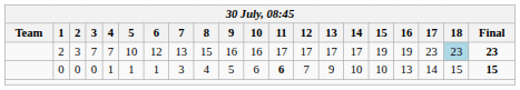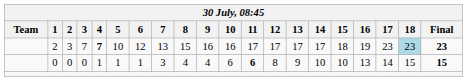 <table class=wikitable style="text-align:center; width: 55%">
 <tr>
 <th colspan=20><em>30 July, 08:45</em></th>
 </tr>
 <tr>
 <th>Team</th>
 <th>1</th>
 <th>2</th>
 <th>3</th>
 <th>4</th>
 <th>5</th>
 <th>6</th>
 <th>7</th>
 <th>8</th>
 <th>9</th>
 <th>10</th>
 <th>11</th>
 <th>12</th>
 <th>13</th>
 <th>14</th>
 <th>15</th>
 <th>16</th>
 <th>17</th>
 <th>18</th>
 <th>Final</th>
 </tr>
 <tr>
 <td align=left><strong></strong></td>
 <td>2</td>
 <td>3</td>
 <td>7</td>
-<td>7</td>
+<td><strong>7</strong></td>
 <td>10</td>
 <td>12</td>
 <td>13</td>
 <td>15</td>
 <td>16</td>
 <td>16</td>
 <td>17</td>
 <td>17</td>
 <td>17</td>
 <td>17</td>
-<td>19</td>
+<td>18</td>
 <td>19</td>
 <td>23</td>
 <td style="background: lightblue;">23</td>
 <td><strong>23</strong></td>
 </tr>
 <tr>
 <td align=left></td>
 <td>0</td>
 <td>0</td>
 <td>0</td>
 <td>1</td>
 <td>1</td>
 <td>1</td>
 <td>3</td>
 <td>4</td>
-<td>5</td>
+<td>4</td>
 <td>6</td>
 <td><strong>6</strong></td>
-<td>7</td>
+<td>8</td>
 <td>9</td>
 <td>10</td>
 <td>10</td>
 <td>13</td>
 <td>14</td>
 <td>15</td>
 <td><strong>15</strong></td>
 </tr>
 <tr>
 <td colspan=20></td>
 </tr>
 </table>
